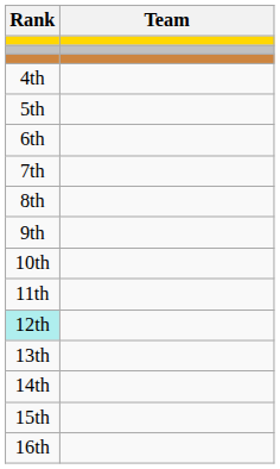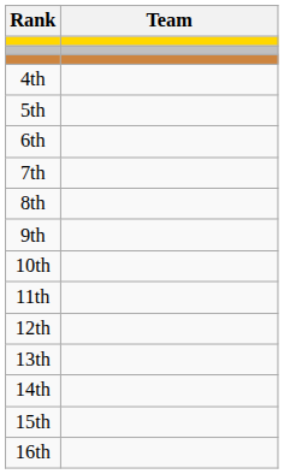 <table class=wikitable style="text-align:center;">
 <tr>
 <th>Rank</th>
 <th width=170>Team</th>
 </tr>
 <tr bgcolor=gold>
 <td></td>
 <td align=left></td>
 </tr>
 <tr bgcolor=silver>
 <td></td>
 <td align=left></td>
 </tr>
 <tr bgcolor=Peru>
 <td></td>
 <td align=left></td>
 </tr>
 <tr>
 <td>4th</td>
 <td align=left></td>
 </tr>
 <tr>
 <td>5th</td>
 <td align=left></td>
 </tr>
 <tr>
 <td>6th</td>
 <td align=left></td>
 </tr>
 <tr>
 <td>7th</td>
 <td align=left></td>
 </tr>
 <tr>
 <td>8th</td>
 <td align=left></td>
 </tr>
 <tr>
 <td>9th</td>
 <td align=left></td>
 </tr>
 <tr>
 <td>10th</td>
 <td align=left></td>
 </tr>
 <tr>
 <td>11th</td>
 <td align=left></td>
 </tr>
 <tr>
-<td style="background: paleturquoise;">12th</td>
+<td>12th</td>
 <td align=left></td>
 </tr>
 <tr>
 <td>13th</td>
 <td align=left></td>
 </tr>
 <tr>
 <td>14th</td>
 <td align=left></td>
 </tr>
 <tr>
 <td>15th</td>
 <td align=left></td>
 </tr>
 <tr>
 <td>16th</td>
 <td align=left></td>
 </tr>
 </table>
